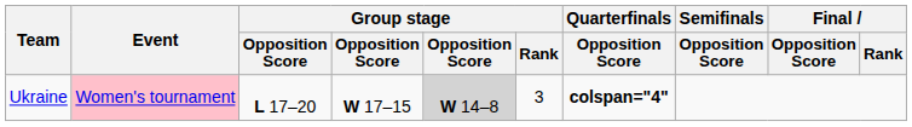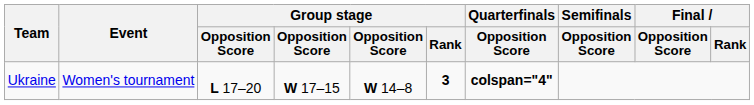 <table class="wikitable" style="text-align:center; font-size:90%">
 <tr>
 <th rowspan=2>Team</th>
 <th rowspan=2>Event</th>
 <th colspan=4>Group stage</th>
 <th>Quarterfinals</th>
 <th>Semifinals</th>
 <th colspan=2>Final / </th>
 </tr>
 <tr style="font-size:95%">
 <th>Opposition<br>Score</th>
 <th>Opposition<br>Score</th>
 <th>Opposition<br>Score</th>
 <th>Rank</th>
 <th>Opposition<br>Score</th>
 <th>Opposition<br>Score</th>
 <th>Opposition<br>Score</th>
 <th>Rank</th>
 </tr>
 <tr>
 <td align=left><a href='#'>Ukraine</a></td>
-<td align=left style="background: pink;"><a href='#'>Women's tournament</a></td>
+<td align=left><a href='#'>Women's tournament</a></td>
 <td><br><strong>L</strong> 17–20</td>
 <td><br><strong>W</strong> 17–15</td>
-<td style="background: lightgrey;"><br><strong>W</strong> 14–8</td>
-<td>3</td>
+<td><br><strong>W</strong> 14–8</td>
+<td><strong>3</strong></td>
 <td><strong>colspan="4" </strong></td>
 </tr>
 </table>
